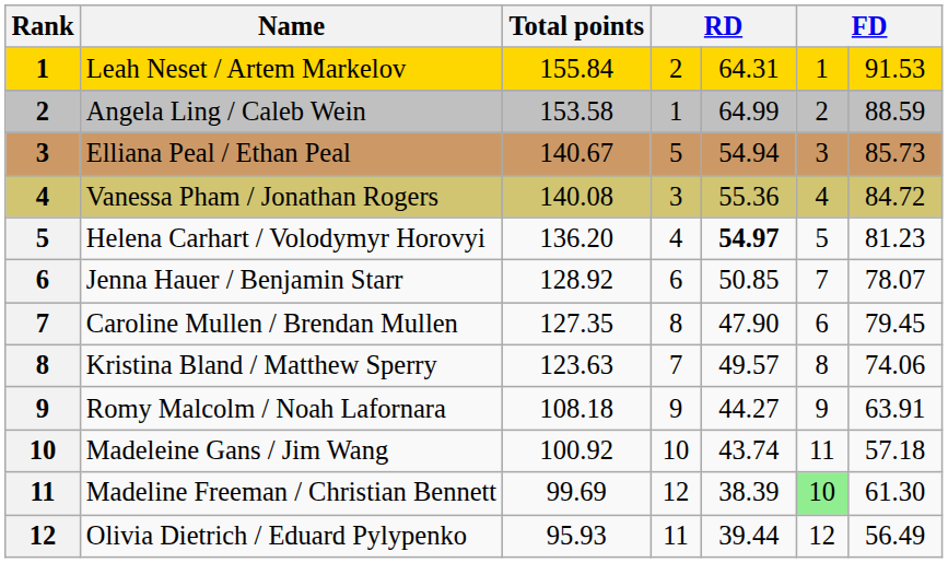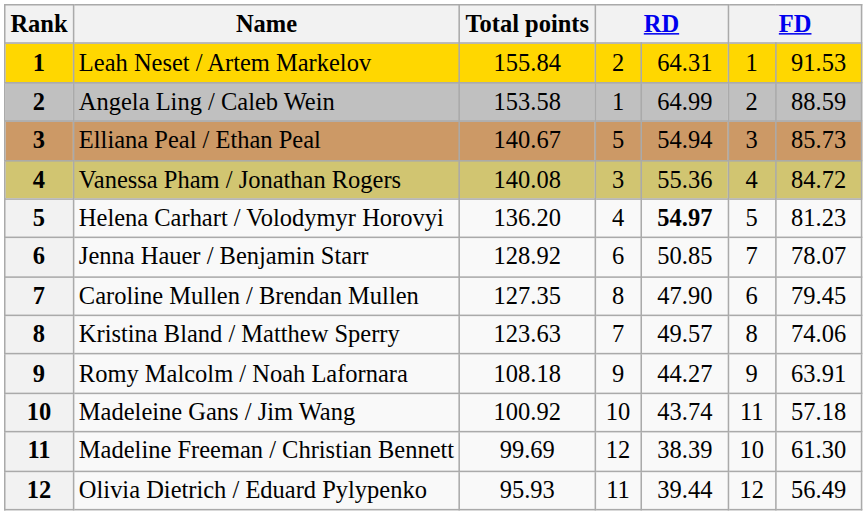 <table class="wikitable sortable">
 <tr>
 <th>Rank</th>
 <th>Name</th>
 <th>Total points</th>
 <th colspan="2" width="80px"><a href='#'>RD</a></th>
 <th colspan="2" width="80px"><a href='#'>FD</a></th>
 </tr>
 <tr bgcolor="gold">
 <td align="center"><strong>1</strong></td>
 <td>Leah Neset / Artem Markelov</td>
 <td align="center">155.84</td>
 <td align="center">2</td>
 <td align="center">64.31</td>
 <td align="center">1</td>
 <td align="center">91.53</td>
 </tr>
 <tr bgcolor="silver">
 <td align="center"><strong>2</strong></td>
 <td>Angela Ling / Caleb Wein</td>
 <td align="center">153.58</td>
 <td align="center">1</td>
 <td align="center">64.99</td>
 <td align="center">2</td>
 <td align="center">88.59</td>
 </tr>
 <tr bgcolor="cc9966">
 <td align="center"><strong>3</strong></td>
 <td>Elliana Peal / Ethan Peal</td>
 <td align="center">140.67</td>
 <td align="center">5</td>
 <td align="center">54.94</td>
 <td align="center">3</td>
 <td align="center">85.73</td>
 </tr>
 <tr bgcolor="#d1c571">
 <td align="center"><strong>4</strong></td>
 <td>Vanessa Pham / Jonathan Rogers</td>
 <td align="center">140.08</td>
 <td align="center">3</td>
 <td align="center">55.36</td>
 <td align="center">4</td>
 <td align="center">84.72</td>
 </tr>
 <tr>
 <th>5</th>
 <td>Helena Carhart / Volodymyr Horovyi</td>
 <td align="center">136.20</td>
 <td align="center">4</td>
 <td align="center"><strong>54.97</strong></td>
 <td align="center">5</td>
 <td align="center">81.23</td>
 </tr>
 <tr>
 <th>6</th>
 <td>Jenna Hauer / Benjamin Starr</td>
 <td align="center">128.92</td>
 <td align="center">6</td>
 <td align="center">50.85</td>
 <td align="center">7</td>
 <td align="center">78.07</td>
 </tr>
 <tr>
 <th>7</th>
 <td>Caroline Mullen / Brendan Mullen</td>
 <td align="center">127.35</td>
 <td align="center">8</td>
 <td align="center">47.90</td>
 <td align="center">6</td>
 <td align="center">79.45</td>
 </tr>
 <tr>
 <th>8</th>
 <td>Kristina Bland / Matthew Sperry</td>
 <td align="center">123.63</td>
 <td align="center">7</td>
 <td align="center">49.57</td>
 <td align="center">8</td>
 <td align="center">74.06</td>
 </tr>
 <tr>
 <th>9</th>
 <td>Romy Malcolm / Noah Lafornara</td>
 <td align="center">108.18</td>
 <td align="center">9</td>
 <td align="center">44.27</td>
 <td align="center">9</td>
 <td align="center">63.91</td>
 </tr>
 <tr>
 <th>10</th>
 <td>Madeleine Gans / Jim Wang</td>
 <td align="center">100.92</td>
 <td align="center">10</td>
 <td align="center">43.74</td>
 <td align="center">11</td>
 <td align="center">57.18</td>
 </tr>
 <tr>
 <th>11</th>
 <td>Madeline Freeman / Christian Bennett</td>
 <td align="center">99.69</td>
 <td align="center">12</td>
 <td align="center">38.39</td>
-<td align="center" style="background: lightgreen;">10</td>
+<td align="center">10</td>
 <td align="center">61.30</td>
 </tr>
 <tr>
 <th>12</th>
 <td>Olivia Dietrich / Eduard Pylypenko</td>
 <td align="center">95.93</td>
 <td align="center">11</td>
 <td align="center">39.44</td>
 <td align="center">12</td>
 <td align="center">56.49</td>
 </tr>
 </table>
